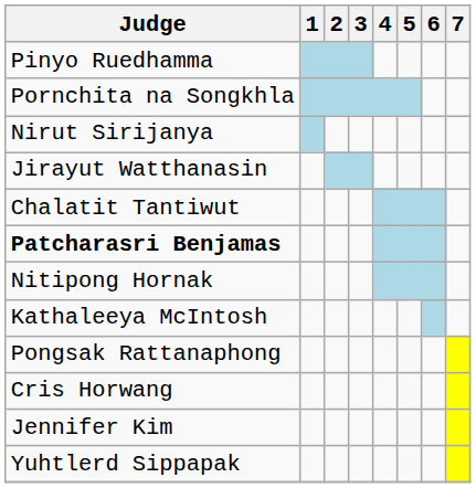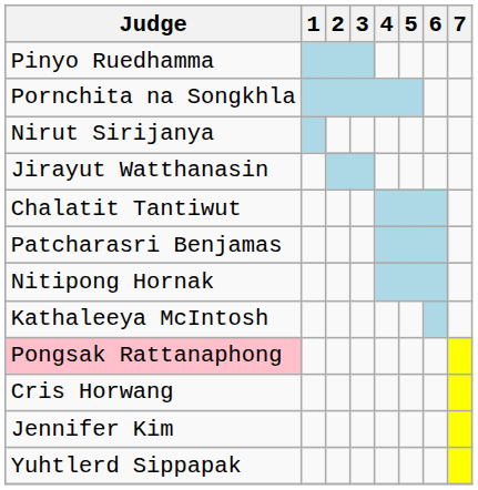 <table class="wikitable">
 <tr>
 <th>Judge</th>
 <th>1</th>
 <th>2</th>
 <th>3</th>
 <th>4</th>
 <th>5</th>
 <th>6</th>
 <th>7</th>
 </tr>
 <tr>
 <td Pinyo Ruedhamma>Pinyo Ruedhamma</td>
 <td colspan="3" style="text-align:center; background:lightblue;"></td>
 <td></td>
 <td></td>
 <td></td>
 <td></td>
 </tr>
 <tr>
 <td>Pornchita na Songkhla</td>
 <td colspan="5" style="text-align:center; background:lightblue;"></td>
 <td></td>
 <td></td>
 </tr>
 <tr>
 <td>Nirut Sirijanya</td>
 <td style="text-align:center; background:lightblue;"></td>
 <td></td>
 <td></td>
 <td></td>
 <td></td>
 <td></td>
 <td></td>
 </tr>
 <tr>
 <td Jirayut Watthanasin>Jirayut Watthanasin</td>
 <td></td>
 <td colspan="2" style="text-align:center; background:lightblue;"></td>
 <td></td>
 <td></td>
 <td></td>
 <td></td>
 </tr>
 <tr>
 <td>Chalatit Tantiwut</td>
 <td></td>
 <td></td>
 <td></td>
 <td colspan="3"  style="text-align:center; background:lightblue;"></td>
 <td></td>
 </tr>
 <tr>
-<td><strong>Patcharasri Benjamas</strong></td>
+<td>Patcharasri Benjamas</td>
 <td></td>
 <td></td>
 <td></td>
 <td colspan="3"  style="text-align:center; background:lightblue;"></td>
 <td></td>
 </tr>
 <tr>
 <td>Nitipong Hornak</td>
 <td></td>
 <td></td>
 <td></td>
 <td colspan="3"  style="text-align:center; background:lightblue;"></td>
 <td></td>
 </tr>
 <tr>
 <td>Kathaleeya McIntosh</td>
 <td></td>
 <td></td>
 <td></td>
 <td></td>
 <td></td>
 <td colspan="1"  style="text-align:center; background:lightblue;"></td>
 <td></td>
 </tr>
 <tr>
-<td>Pongsak Rattanaphong</td>
+<td style="background: pink;">Pongsak Rattanaphong</td>
 <td></td>
 <td></td>
 <td></td>
 <td></td>
 <td></td>
 <td></td>
 <td colspan="5" style="text-align:center; background:yellow;"></td>
 </tr>
 <tr>
 <td>Cris Horwang</td>
 <td></td>
 <td></td>
 <td></td>
 <td></td>
 <td></td>
 <td></td>
 <td colspan="5" style="text-align:center; background:yellow;"></td>
 </tr>
 <tr>
 <td>Jennifer Kim</td>
 <td></td>
 <td></td>
 <td></td>
 <td></td>
 <td></td>
 <td></td>
 <td colspan="5" style="text-align:center; background:yellow;"></td>
 </tr>
 <tr>
 <td>Yuhtlerd Sippapak</td>
 <td></td>
 <td></td>
 <td></td>
 <td></td>
 <td></td>
 <td></td>
 <td colspan="5" style="text-align:center; background:yellow;"></td>
 </tr>
 <tr>
 </tr>
 </table>
